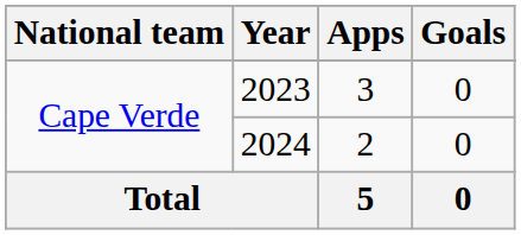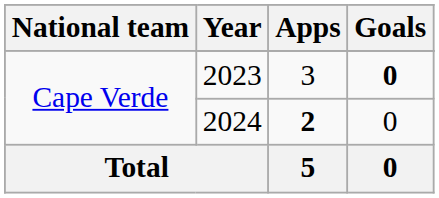 <table class="wikitable" style="text-align: center;">
 <tr>
 <th>National team</th>
 <th>Year</th>
 <th>Apps</th>
 <th>Goals</th>
 </tr>
 <tr>
 <td rowspan="3"><a href='#'>Cape Verde</a></td>
 </tr>
 <tr>
 <td>2023</td>
 <td>3</td>
-<td>0</td>
+<td><strong>0</strong></td>
 </tr>
 <tr>
 <td>2024</td>
-<td>2</td>
+<td><strong>2</strong></td>
 <td>0</td>
 </tr>
 <tr>
 <th colspan=2>Total</th>
 <th>5</th>
 <th>0</th>
 </tr>
 </table>
